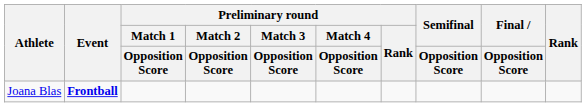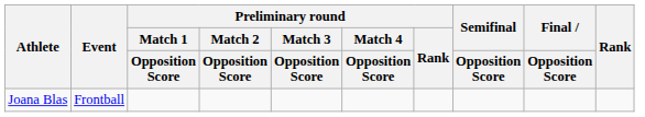 <table class="wikitable" border="1" style="font-size:90%">
 <tr>
 <th rowspan=3>Athlete</th>
 <th rowspan=3>Event</th>
 <th colspan=5>Preliminary round</th>
 <th rowspan=2>Semifinal</th>
 <th rowspan=2>Final / </th>
 <th rowspan=3>Rank</th>
 </tr>
 <tr>
 <th>Match 1</th>
 <th>Match 2</th>
 <th>Match 3</th>
 <th>Match 4</th>
 <th rowspan=2>Rank</th>
 </tr>
 <tr>
 <th>Opposition<br>Score</th>
 <th>Opposition<br>Score</th>
 <th>Opposition<br>Score</th>
 <th>Opposition<br>Score</th>
 <th>Opposition<br>Score</th>
 <th>Opposition<br>Score</th>
 </tr>
 <tr align=center>
 <td align=left><a href='#'>Joana Blas</a></td>
-<td align=left><strong><a href='#'>Frontball</a></strong></td>
+<td align=left><a href='#'>Frontball</a></td>
 <td></td>
 <td></td>
 <td></td>
 <td></td>
 <td></td>
 <td></td>
 <td></td>
 <td></td>
 </tr>
 </table>
